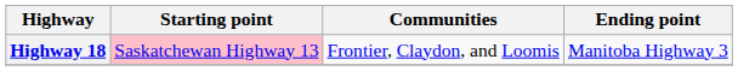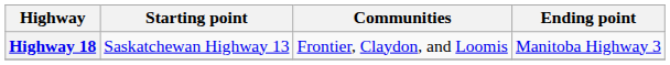 <table class="wikitable"  style="margin:0 auto;">
 <tr>
 <th>Highway</th>
 <th>Starting point</th>
 <th>Communities</th>
 <th>Ending point</th>
 </tr>
 <tr>
 <th><a href='#'>Highway 18</a></th>
-<td style="background: pink;"><a href='#'>Saskatchewan Highway 13</a></td>
+<td><a href='#'>Saskatchewan Highway 13</a></td>
 <td><a href='#'>Frontier</a>, <a href='#'>Claydon</a>, and <a href='#'>Loomis</a></td>
 <td><a href='#'>Manitoba Highway 3</a></td>
 </tr>
 <tr>
 </tr>
 </table>
